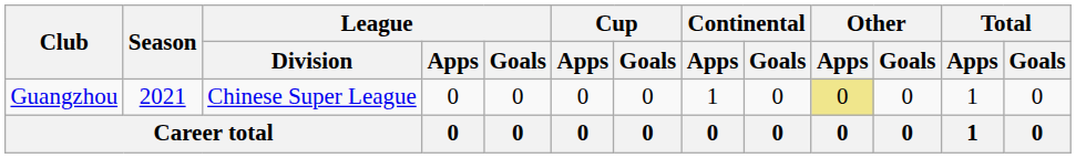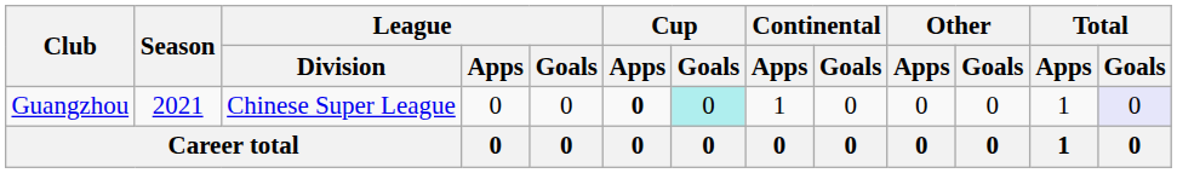 <table class="wikitable" style="text-align: center">
 <tr>
 <th rowspan="2">Club</th>
 <th rowspan="2">Season</th>
 <th colspan="3">League</th>
 <th colspan="2">Cup</th>
 <th colspan="2">Continental</th>
 <th colspan="2">Other</th>
 <th colspan="2">Total</th>
 </tr>
 <tr>
 <th>Division</th>
 <th>Apps</th>
 <th>Goals</th>
 <th>Apps</th>
 <th>Goals</th>
 <th>Apps</th>
 <th>Goals</th>
 <th>Apps</th>
 <th>Goals</th>
 <th>Apps</th>
 <th>Goals</th>
 </tr>
 <tr>
 <td><a href='#'>Guangzhou</a></td>
 <td><a href='#'>2021</a></td>
 <td><a href='#'>Chinese Super League</a></td>
 <td>0</td>
 <td>0</td>
+<td><strong>0</strong></td>
+<td style="background: paleturquoise;">0</td>
+<td>1</td>
+<td>0</td>
 <td>0</td>
 <td>0</td>
 <td>1</td>
-<td>0</td>
-<td style="background: khaki;">0</td>
-<td>0</td>
-<td>1</td>
-<td>0</td>
+<td style="background: lavender;">0</td>
 </tr>
 <tr>
 <th colspan=3>Career total</th>
 <th>0</th>
 <th>0</th>
 <th>0</th>
 <th>0</th>
 <th>0</th>
 <th>0</th>
 <th>0</th>
 <th>0</th>
 <th>1</th>
 <th>0</th>
 </tr>
 </table>
